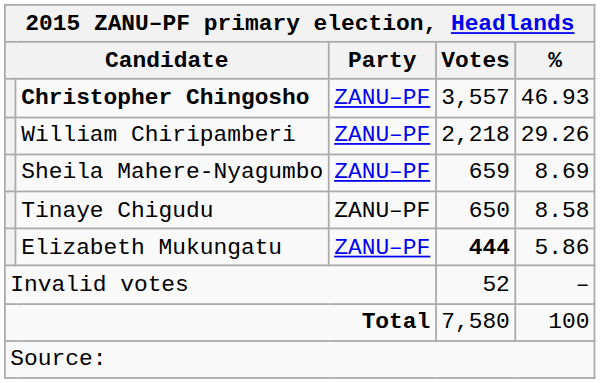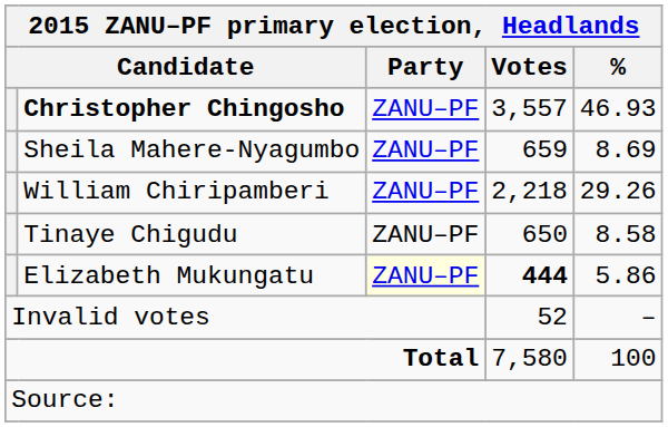 <table class="wikitable">
 <tr>
 <th colspan="5">2015 ZANU–PF primary election, <a href='#'>Headlands</a></th>
 </tr>
 <tr>
 <th colspan="2">Candidate</th>
 <th>Party</th>
 <th>Votes</th>
 <th>%</th>
 </tr>
 <tr>
 <th style="background-color: "></th>
 <td><strong>Christopher Chingosho</strong></td>
 <td><a href='#'>ZANU–PF</a></td>
 <td style="text-align:right">3,557</td>
 <td style="text-align:right">46.93</td>
 </tr>
 <tr>
 <th style="background-color: "></th>
+<td>Sheila Mahere-Nyagumbo</td>
+<td><a href='#'>ZANU–PF</a></td>
+<td style="text-align:right">659</td>
+<td style="text-align:right">8.69</td>
+</tr>
+<tr>
+<th style="background-color: "></th>
 <td>William Chiripamberi</td>
 <td><a href='#'>ZANU–PF</a></td>
 <td style="text-align:right">2,218</td>
 <td style="text-align:right">29.26</td>
-</tr>
-<tr>
-<th style="background-color: "></th>
-<td>Sheila Mahere-Nyagumbo</td>
-<td><a href='#'>ZANU–PF</a></td>
-<td style="text-align:right">659</td>
-<td style="text-align:right">8.69</td>
 </tr>
 <tr>
 <th style="background-color: "></th>
 <td>Tinaye Chigudu</td>
 <td>ZANU–PF</td>
 <td style="text-align:right">650</td>
 <td style="text-align:right">8.58</td>
 </tr>
 <tr>
 <th style="background-color: "></th>
 <td>Elizabeth Mukungatu</td>
-<td><a href='#'>ZANU–PF</a></td>
+<td style="background: lightyellow;"><a href='#'>ZANU–PF</a></td>
 <td style="text-align:right"><strong>444</strong></td>
 <td style="text-align:right">5.86</td>
 </tr>
 <tr>
 <td colspan="3">Invalid votes</td>
 <td style="text-align:right">52</td>
 <td style="text-align:right">–</td>
 </tr>
 <tr>
 <td colspan="3" style="text-align:right"><strong>Total</strong></td>
 <td style="text-align:right">7,580</td>
 <td style="text-align:right">100</td>
 </tr>
 <tr>
 <td colspan="5">Source:</td>
 </tr>
 </table>
